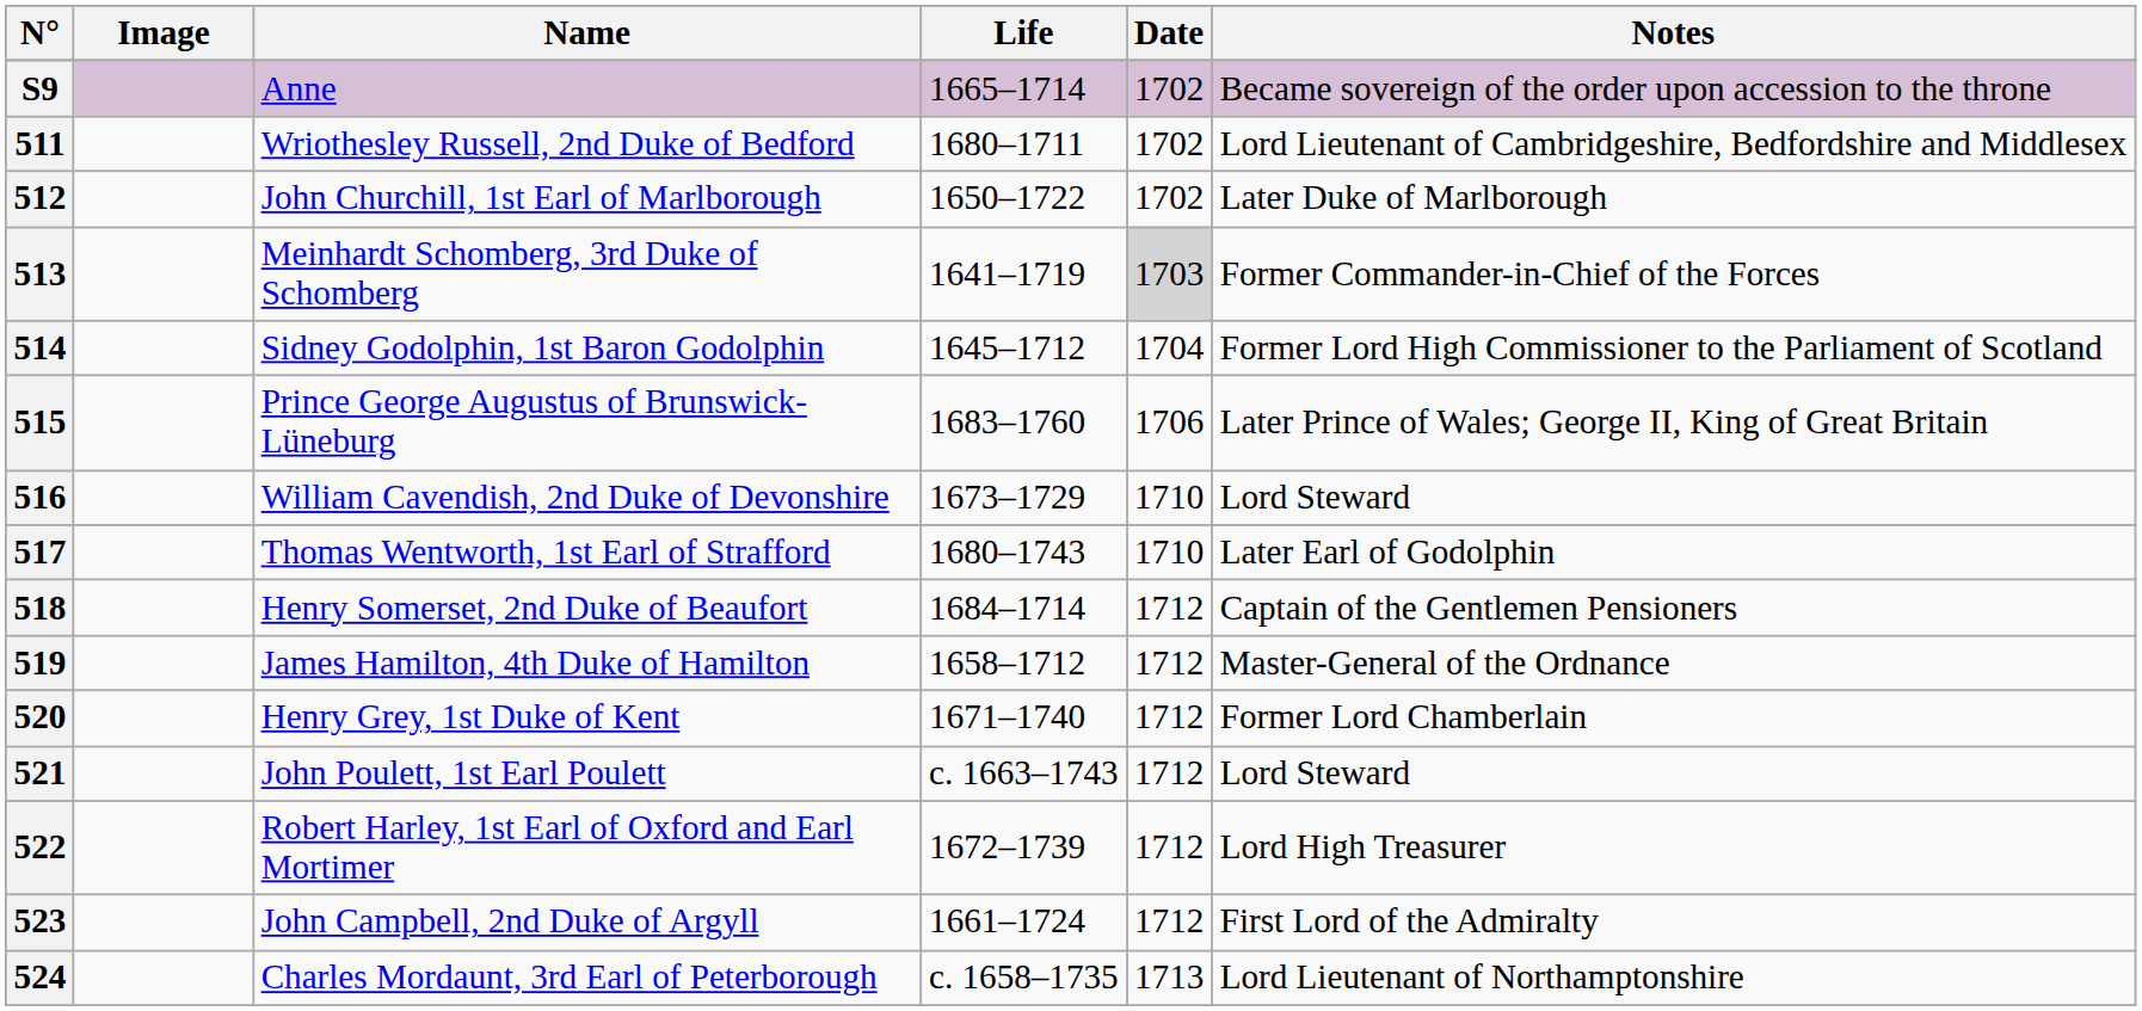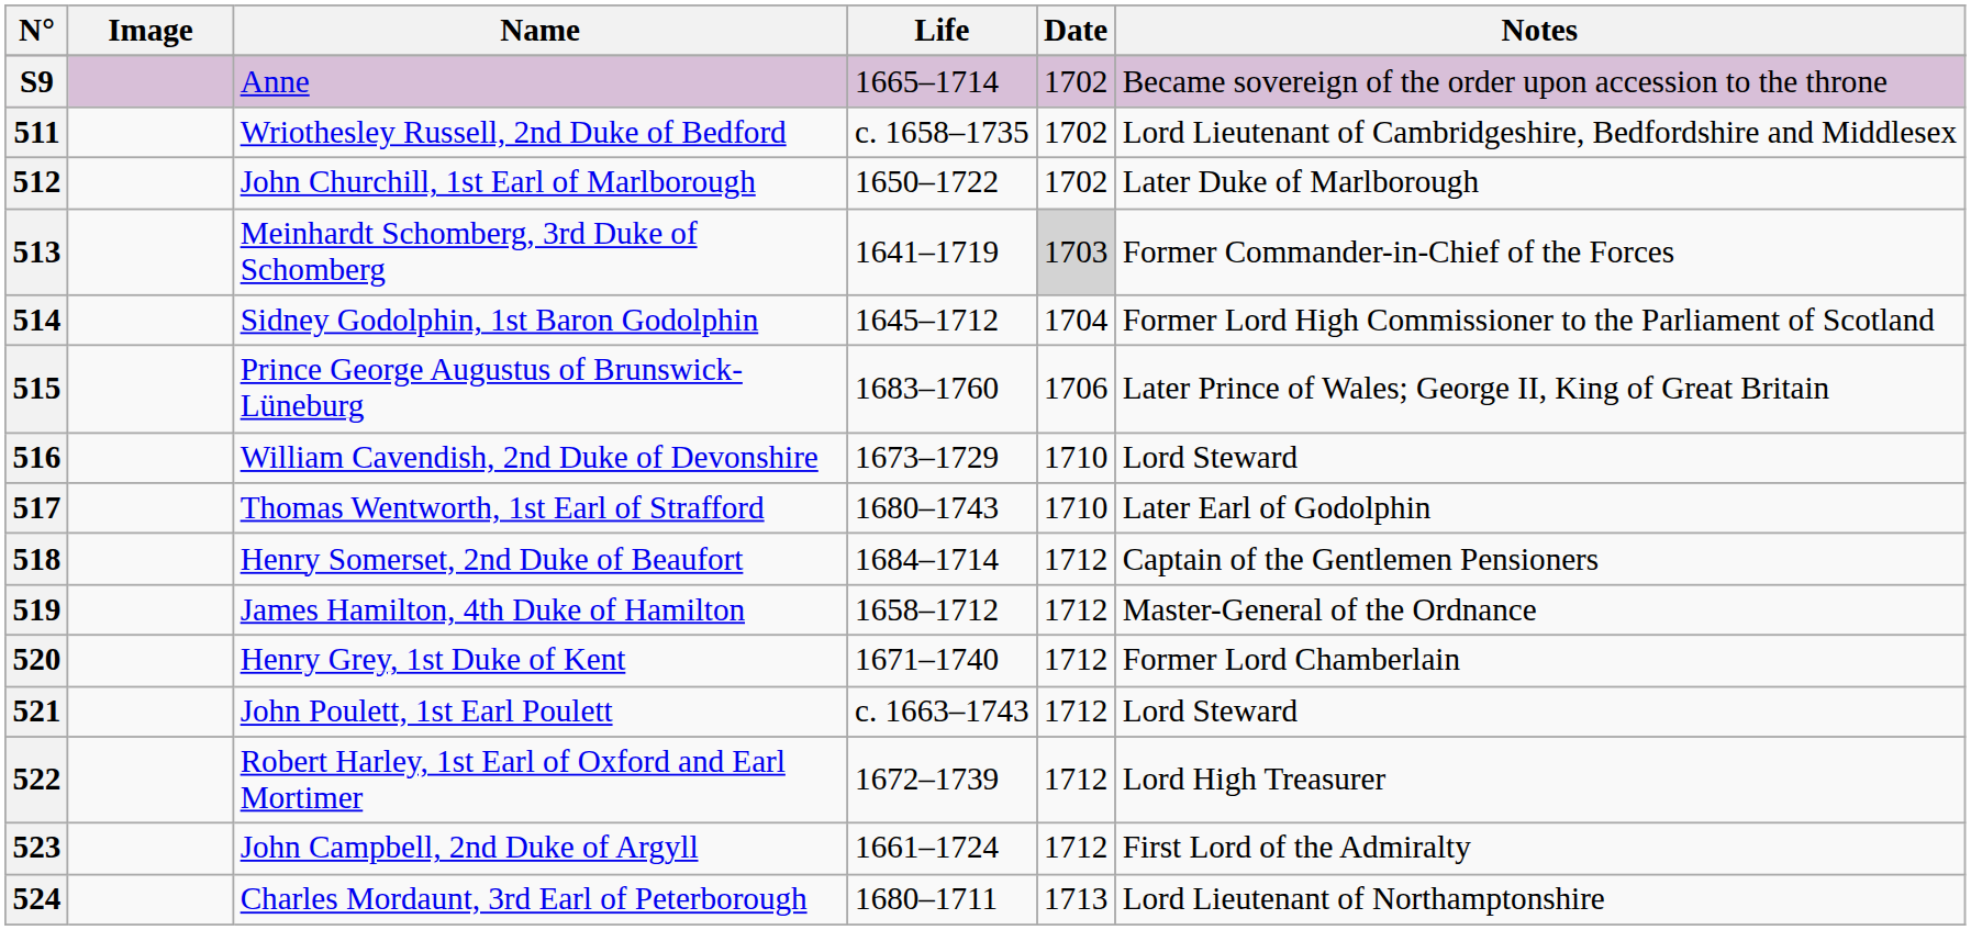 <table class="wikitable">
 <tr>
 <th>N°</th>
 <th style="width: 75px;">Image</th>
 <th style="width: 300px;">Name</th>
 <th>Life</th>
 <th>Date</th>
 <th>Notes</th>
 </tr>
 <tr id="Anne">
 </tr>
 <tr bgcolor="#D8BFD8">
 <th>S9</th>
 <td></td>
 <td><a href='#'>Anne</a></td>
 <td>1665–1714</td>
 <td>1702</td>
 <td>Became sovereign of the order upon accession to the throne</td>
 </tr>
 <tr>
 <th>511</th>
 <td></td>
 <td><a href='#'>Wriothesley Russell, 2nd Duke of Bedford</a></td>
-<td>1680–1711</td>
+<td>c. 1658–1735</td>
 <td>1702</td>
 <td>Lord Lieutenant of Cambridgeshire, Bedfordshire and Middlesex</td>
 </tr>
 <tr>
 <th>512</th>
 <td></td>
 <td><a href='#'>John Churchill, 1st Earl of Marlborough</a></td>
 <td>1650–1722</td>
 <td>1702</td>
 <td>Later Duke of Marlborough</td>
 </tr>
 <tr>
 <th>513</th>
 <td></td>
 <td><a href='#'>Meinhardt Schomberg, 3rd Duke of Schomberg</a></td>
 <td>1641–1719</td>
 <td style="background: lightgrey;">1703</td>
 <td>Former Commander-in-Chief of the Forces</td>
 </tr>
 <tr>
 <th>514</th>
 <td></td>
 <td><a href='#'>Sidney Godolphin, 1st Baron Godolphin</a></td>
 <td>1645–1712</td>
 <td>1704</td>
 <td>Former Lord High Commissioner to the Parliament of Scotland</td>
 </tr>
 <tr>
 <th>515</th>
 <td></td>
 <td><a href='#'>Prince George Augustus of Brunswick-Lüneburg</a></td>
 <td>1683–1760</td>
 <td>1706</td>
 <td>Later Prince of Wales; George II, King of Great Britain</td>
 </tr>
 <tr>
 <th>516</th>
 <td></td>
 <td><a href='#'>William Cavendish, 2nd Duke of Devonshire</a></td>
 <td>1673–1729</td>
 <td>1710</td>
 <td>Lord Steward</td>
 </tr>
 <tr>
 <th>517</th>
 <td></td>
 <td><a href='#'>Thomas Wentworth, 1st Earl of Strafford</a></td>
 <td>1680–1743</td>
 <td>1710</td>
 <td>Later Earl of Godolphin</td>
 </tr>
 <tr>
 <th>518</th>
 <td></td>
 <td><a href='#'>Henry Somerset, 2nd Duke of Beaufort</a></td>
 <td>1684–1714</td>
 <td>1712</td>
 <td>Captain of the Gentlemen Pensioners</td>
 </tr>
 <tr>
 <th>519</th>
 <td></td>
 <td><a href='#'>James Hamilton, 4th Duke of Hamilton</a></td>
 <td>1658–1712</td>
 <td>1712</td>
 <td>Master-General of the Ordnance</td>
 </tr>
 <tr>
 <th>520</th>
 <td></td>
 <td><a href='#'>Henry Grey, 1st Duke of Kent</a></td>
 <td>1671–1740</td>
 <td>1712</td>
 <td>Former Lord Chamberlain</td>
 </tr>
 <tr>
 <th>521</th>
 <td></td>
 <td><a href='#'>John Poulett, 1st Earl Poulett</a></td>
 <td>c. 1663–1743</td>
 <td>1712</td>
 <td>Lord Steward</td>
 </tr>
 <tr>
 <th>522</th>
 <td></td>
 <td><a href='#'>Robert Harley, 1st Earl of Oxford and Earl Mortimer</a></td>
 <td>1672–1739</td>
 <td>1712</td>
 <td>Lord High Treasurer</td>
 </tr>
 <tr>
 <th>523</th>
 <td></td>
 <td><a href='#'>John Campbell, 2nd Duke of Argyll</a></td>
 <td>1661–1724</td>
 <td>1712</td>
 <td>First Lord of the Admiralty</td>
 </tr>
 <tr>
 <th>524</th>
 <td></td>
 <td><a href='#'>Charles Mordaunt, 3rd Earl of Peterborough</a></td>
-<td>c. 1658–1735</td>
+<td>1680–1711</td>
 <td>1713</td>
 <td>Lord Lieutenant of Northamptonshire</td>
 </tr>
 </table>
